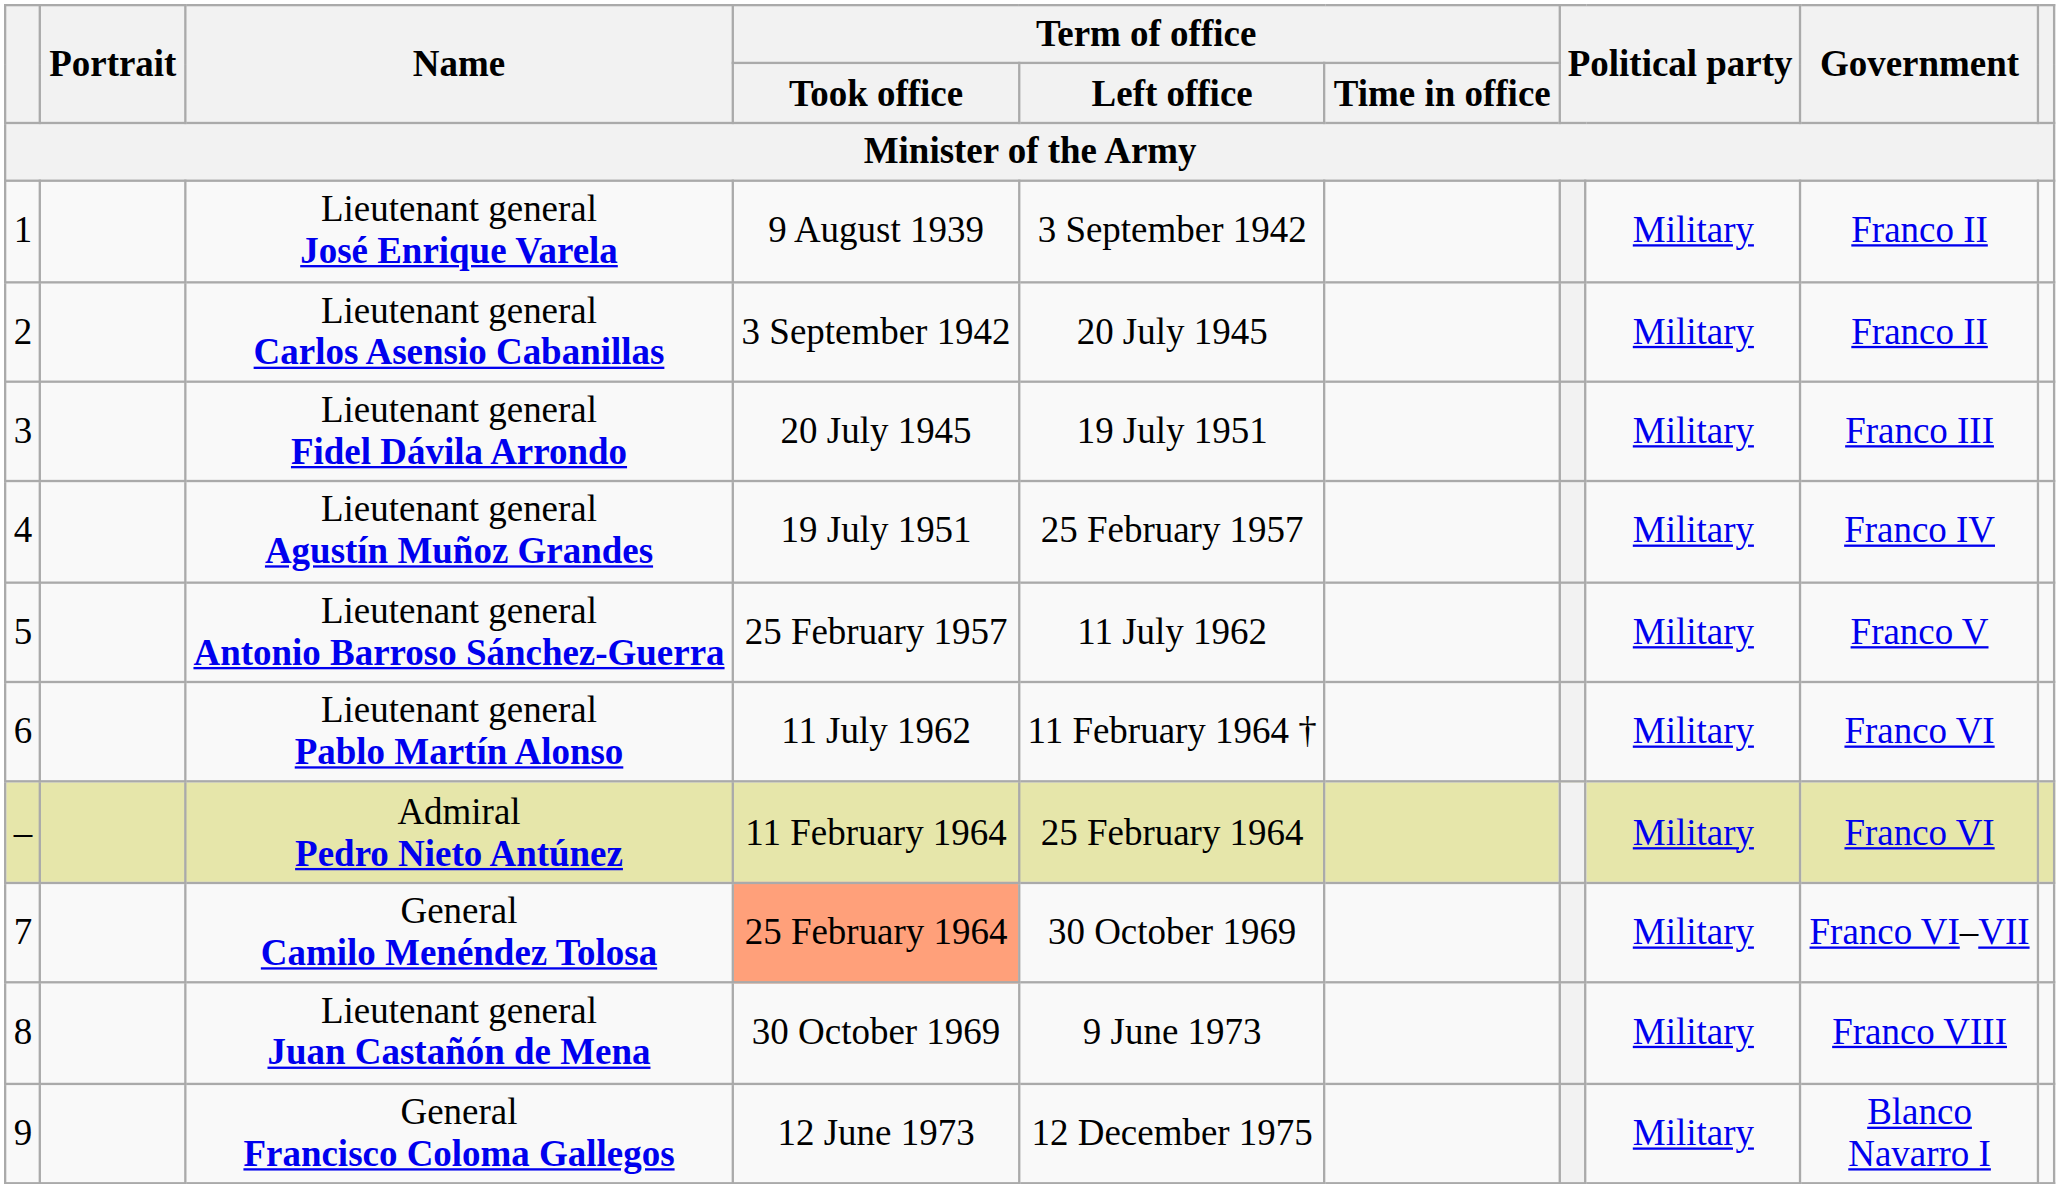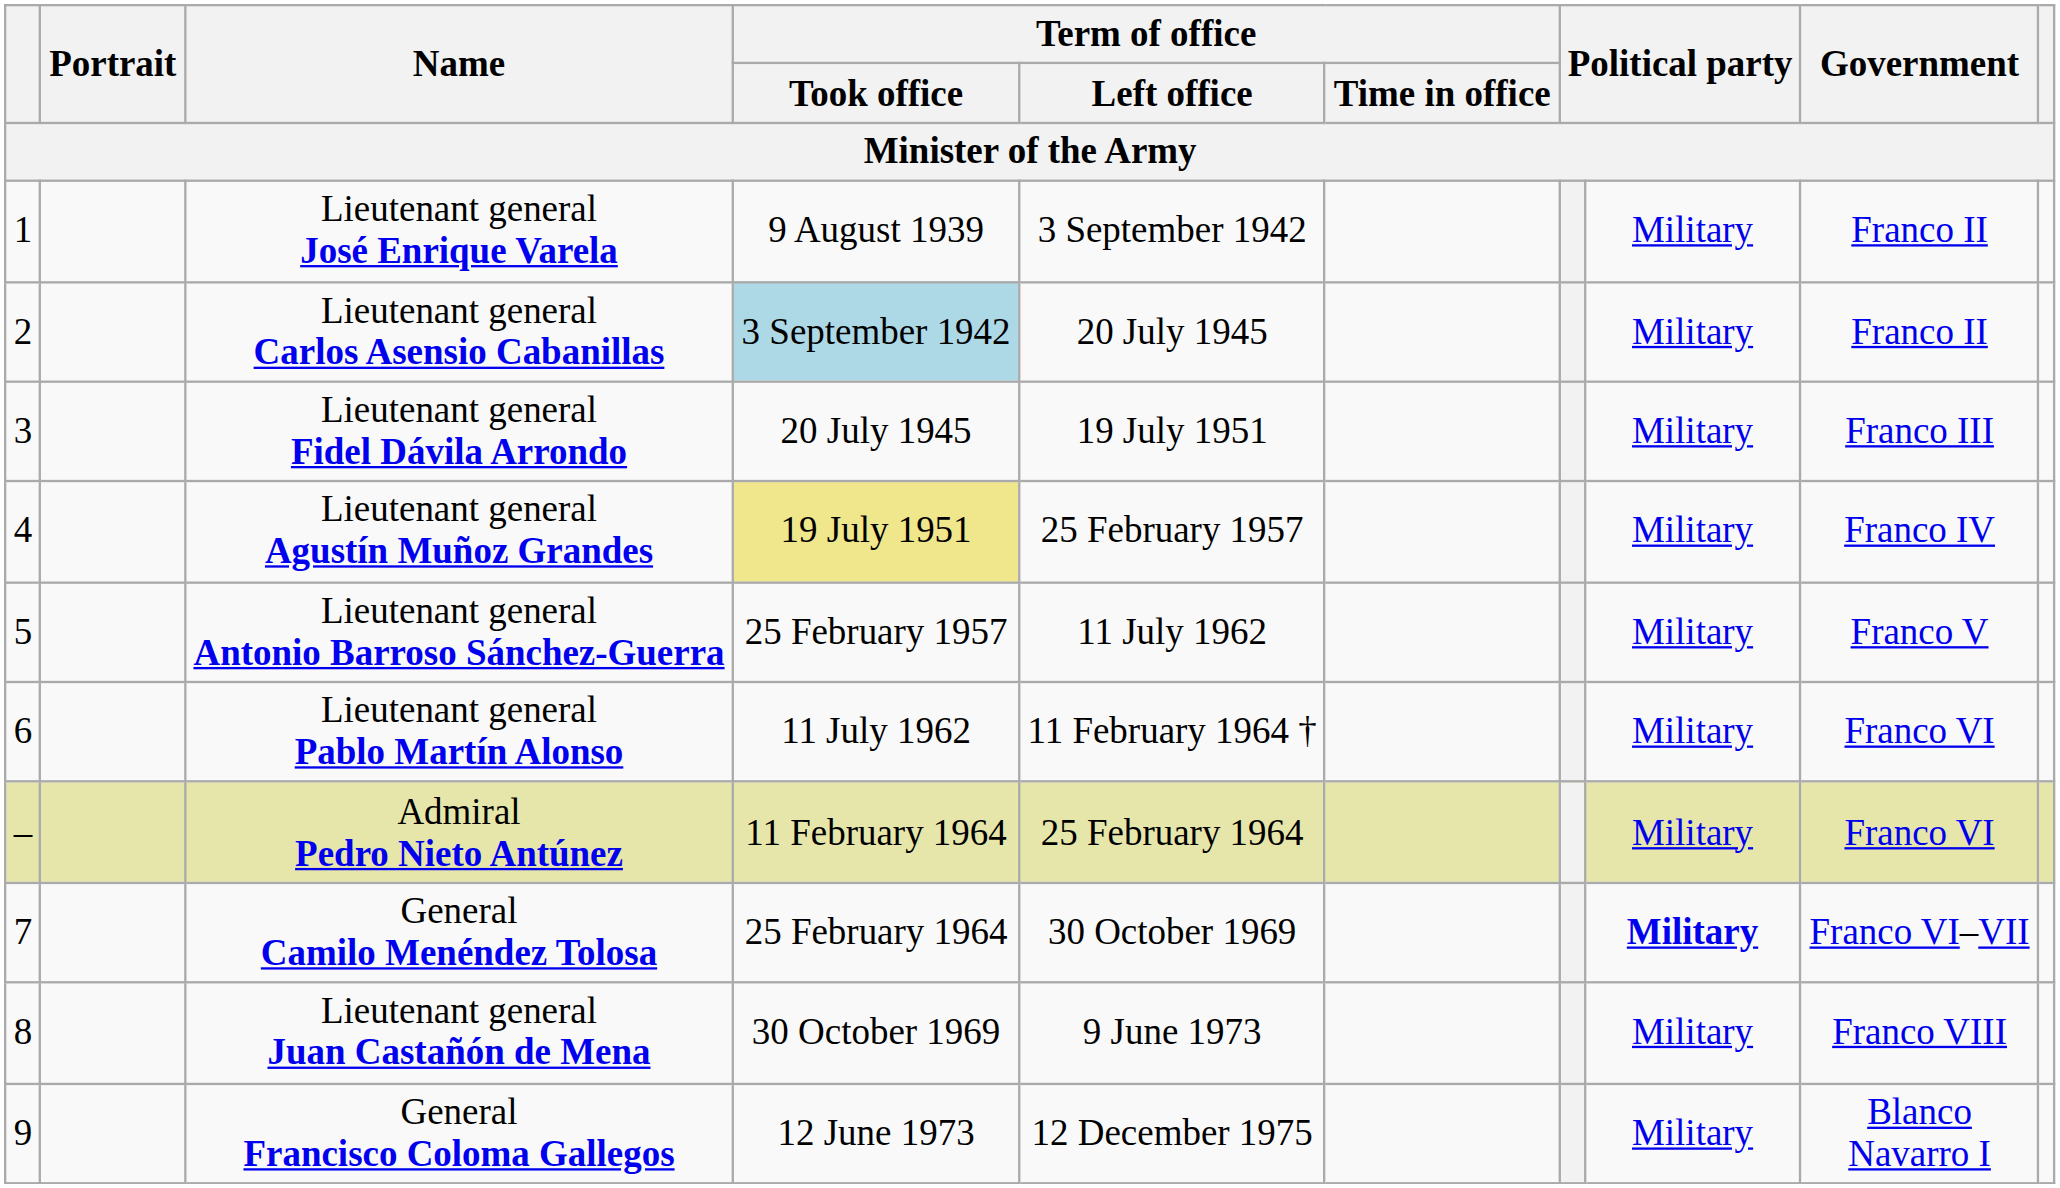 <table class="wikitable" style="text-align:center">
 <tr>
 <th rowspan=2></th>
 <th rowspan=2>Portrait</th>
 <th rowspan=2>Name<br></th>
 <th colspan=3>Term of office</th>
 <th colspan=2 rowspan=2>Political party</th>
 <th rowspan=2>Government</th>
 <th rowspan=2></th>
 </tr>
 <tr>
 <th>Took office</th>
 <th>Left office</th>
 <th>Time in office</th>
 </tr>
 <tr>
 <th colspan=10>Minister of the Army</th>
 </tr>
 <tr>
 <td>1</td>
 <td></td>
 <td>Lieutenant general<br><strong><a href='#'>José Enrique Varela</a></strong><br></td>
 <td>9 August 1939</td>
 <td>3 September 1942</td>
 <td></td>
 <th style="background:"></th>
 <td><a href='#'>Military</a></td>
 <td><a href='#'>Franco II</a></td>
 <td></td>
 </tr>
 <tr>
 <td>2</td>
 <td></td>
 <td>Lieutenant general<br><strong><a href='#'>Carlos Asensio Cabanillas</a></strong><br></td>
-<td>3 September 1942</td>
+<td style="background: lightblue;">3 September 1942</td>
 <td>20 July 1945</td>
 <td></td>
 <th style="background:"></th>
 <td><a href='#'>Military</a></td>
 <td><a href='#'>Franco II</a></td>
 <td></td>
 </tr>
 <tr>
 <td>3</td>
 <td></td>
 <td>Lieutenant general<br><strong><a href='#'>Fidel Dávila Arrondo</a></strong><br></td>
 <td>20 July 1945</td>
 <td>19 July 1951</td>
 <td></td>
 <th style="background:"></th>
 <td><a href='#'>Military</a></td>
 <td><a href='#'>Franco III</a></td>
 <td></td>
 </tr>
 <tr>
 <td>4</td>
 <td></td>
 <td>Lieutenant general<br><strong><a href='#'>Agustín Muñoz Grandes</a></strong><br></td>
-<td>19 July 1951</td>
+<td style="background: khaki;">19 July 1951</td>
 <td>25 February 1957</td>
 <td></td>
 <th style="background:"></th>
 <td><a href='#'>Military</a></td>
 <td><a href='#'>Franco IV</a></td>
 <td></td>
 </tr>
 <tr>
 <td>5</td>
 <td></td>
 <td>Lieutenant general<br><strong><a href='#'>Antonio Barroso Sánchez-Guerra</a></strong><br></td>
 <td>25 February 1957</td>
 <td>11 July 1962</td>
 <td></td>
 <th style="background:"></th>
 <td><a href='#'>Military</a></td>
 <td><a href='#'>Franco V</a></td>
 <td></td>
 </tr>
 <tr>
 <td>6</td>
 <td></td>
 <td>Lieutenant general<br><strong><a href='#'>Pablo Martín Alonso</a></strong><br></td>
 <td>11 July 1962</td>
 <td>11 February 1964 †</td>
 <td></td>
 <th style="background:"></th>
 <td><a href='#'>Military</a></td>
 <td><a href='#'>Franco VI</a></td>
 <td></td>
 </tr>
 <tr style="background:#e6e6aa;">
 <td>–</td>
 <td></td>
 <td>Admiral<br><strong><a href='#'>Pedro Nieto Antúnez</a></strong><br></td>
 <td>11 February 1964</td>
 <td>25 February 1964</td>
 <td></td>
 <th style="background:"></th>
 <td><a href='#'>Military</a></td>
 <td><a href='#'>Franco VI</a></td>
 <td></td>
 </tr>
 <tr>
 <td>7</td>
 <td></td>
 <td>General<br><strong><a href='#'>Camilo Menéndez Tolosa</a></strong><br></td>
-<td style="background: lightsalmon;">25 February 1964</td>
+<td>25 February 1964</td>
 <td>30 October 1969</td>
 <td></td>
 <th style="background:"></th>
-<td><a href='#'>Military</a></td>
+<td><strong><a href='#'>Military</a></strong></td>
 <td><a href='#'>Franco VI</a>–<a href='#'>VII</a></td>
 <td></td>
 </tr>
 <tr>
 <td>8</td>
 <td></td>
 <td>Lieutenant general<br><strong><a href='#'>Juan Castañón de Mena</a></strong><br></td>
 <td>30 October 1969</td>
 <td>9 June 1973</td>
 <td></td>
 <th style="background:"></th>
 <td><a href='#'>Military</a></td>
 <td><a href='#'>Franco VIII</a></td>
 <td></td>
 </tr>
 <tr>
 <td>9</td>
 <td></td>
 <td>General<br><strong><a href='#'>Francisco Coloma Gallegos</a></strong><br></td>
 <td>12 June 1973</td>
 <td>12 December 1975</td>
 <td></td>
 <th style="background:"></th>
 <td><a href='#'>Military</a></td>
 <td><a href='#'>Blanco</a><br><a href='#'>Navarro I</a></td>
 <td></td>
 </tr>
 </table>
